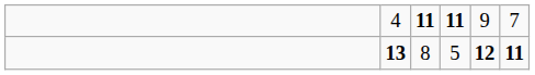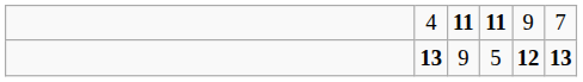 <table class="wikitable">
 <tr>
 <td style="width:18em"></td>
 <td align=center style="width:1em">4</td>
 <td align=center style="width:1em"><strong>11</strong></td>
 <td align=center style="width:1em"><strong>11</strong></td>
 <td align=center style="width:1em">9</td>
 <td align=center style="width:1em">7</td>
 </tr>
 <tr>
 <td style="width:18em"><strong></strong></td>
 <td align=center style="width:1em"><strong>13</strong></td>
-<td align=center style="width:1em">8</td>
+<td align=center style="width:1em">9</td>
 <td align=center style="width:1em">5</td>
 <td align=center style="width:1em"><strong>12</strong></td>
-<td align=center style="width:1em"><strong>11</strong></td>
+<td align=center style="width:1em"><strong>13</strong></td>
 </tr>
 </table>
